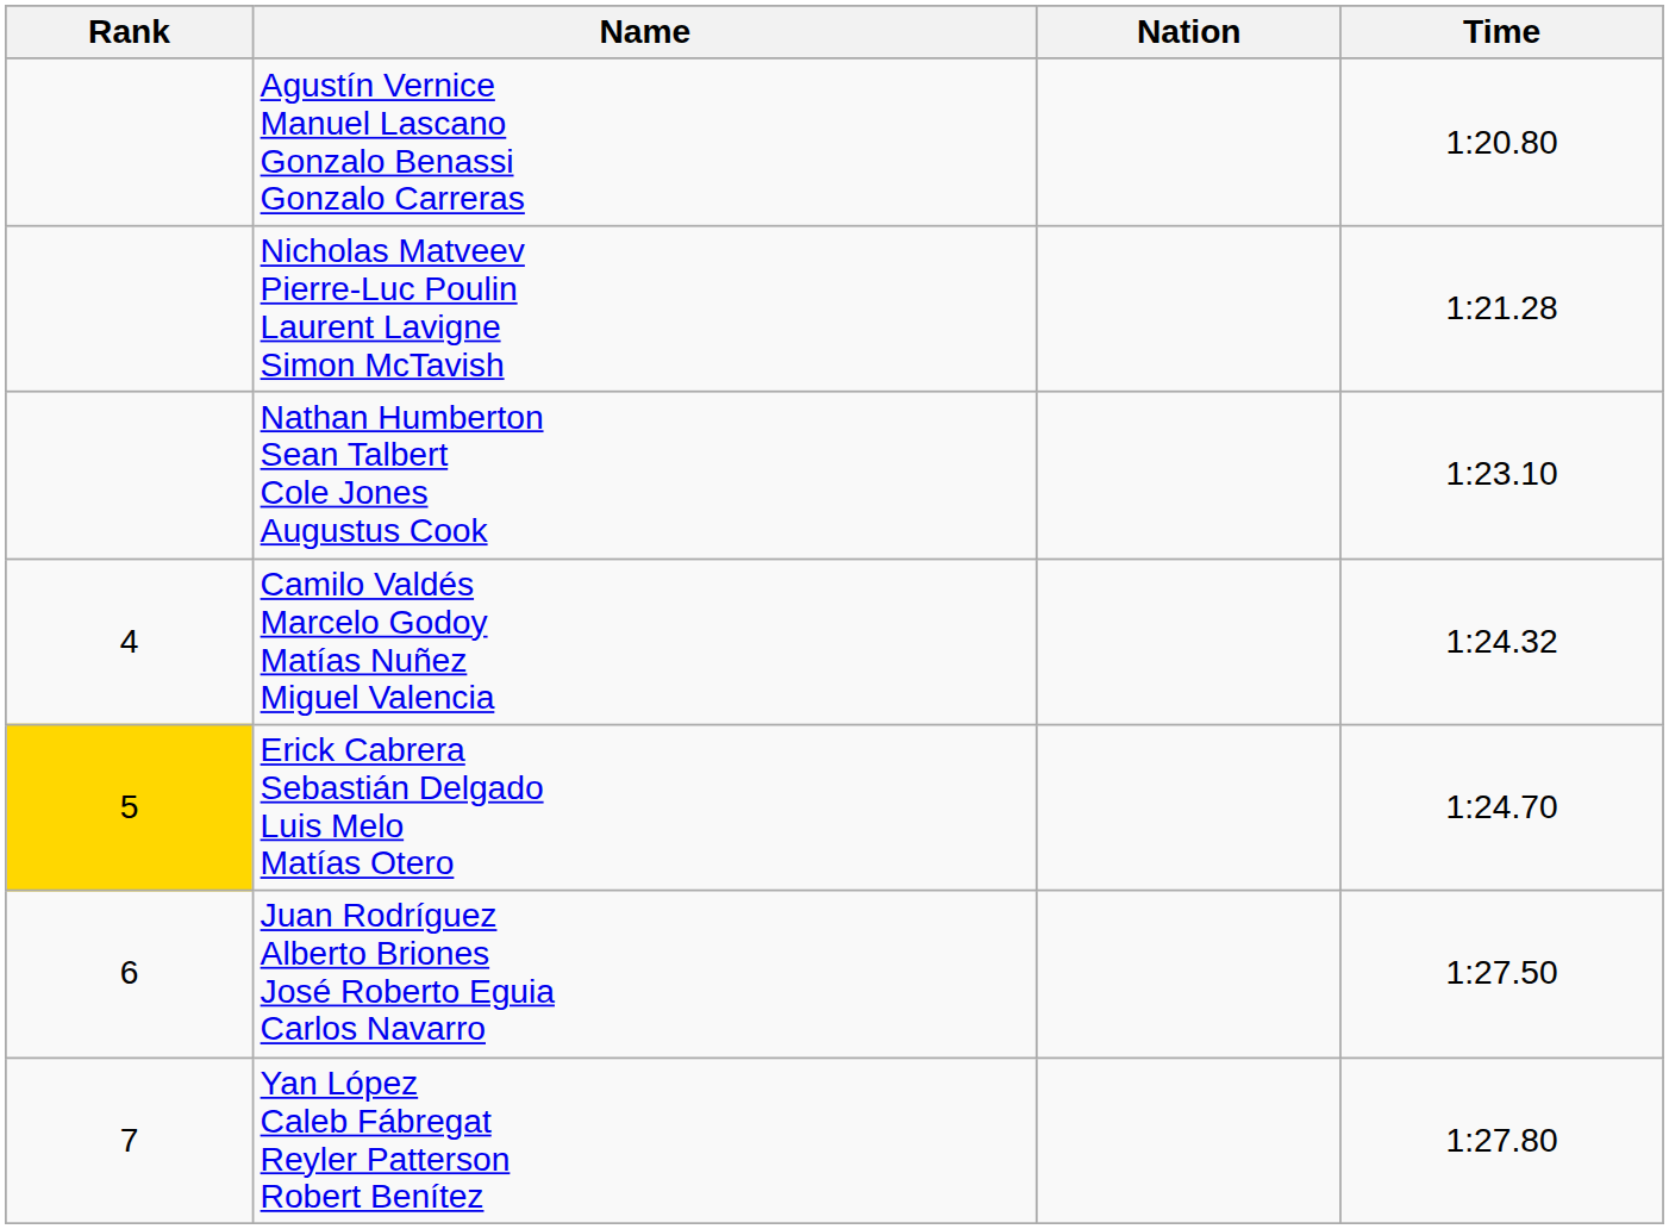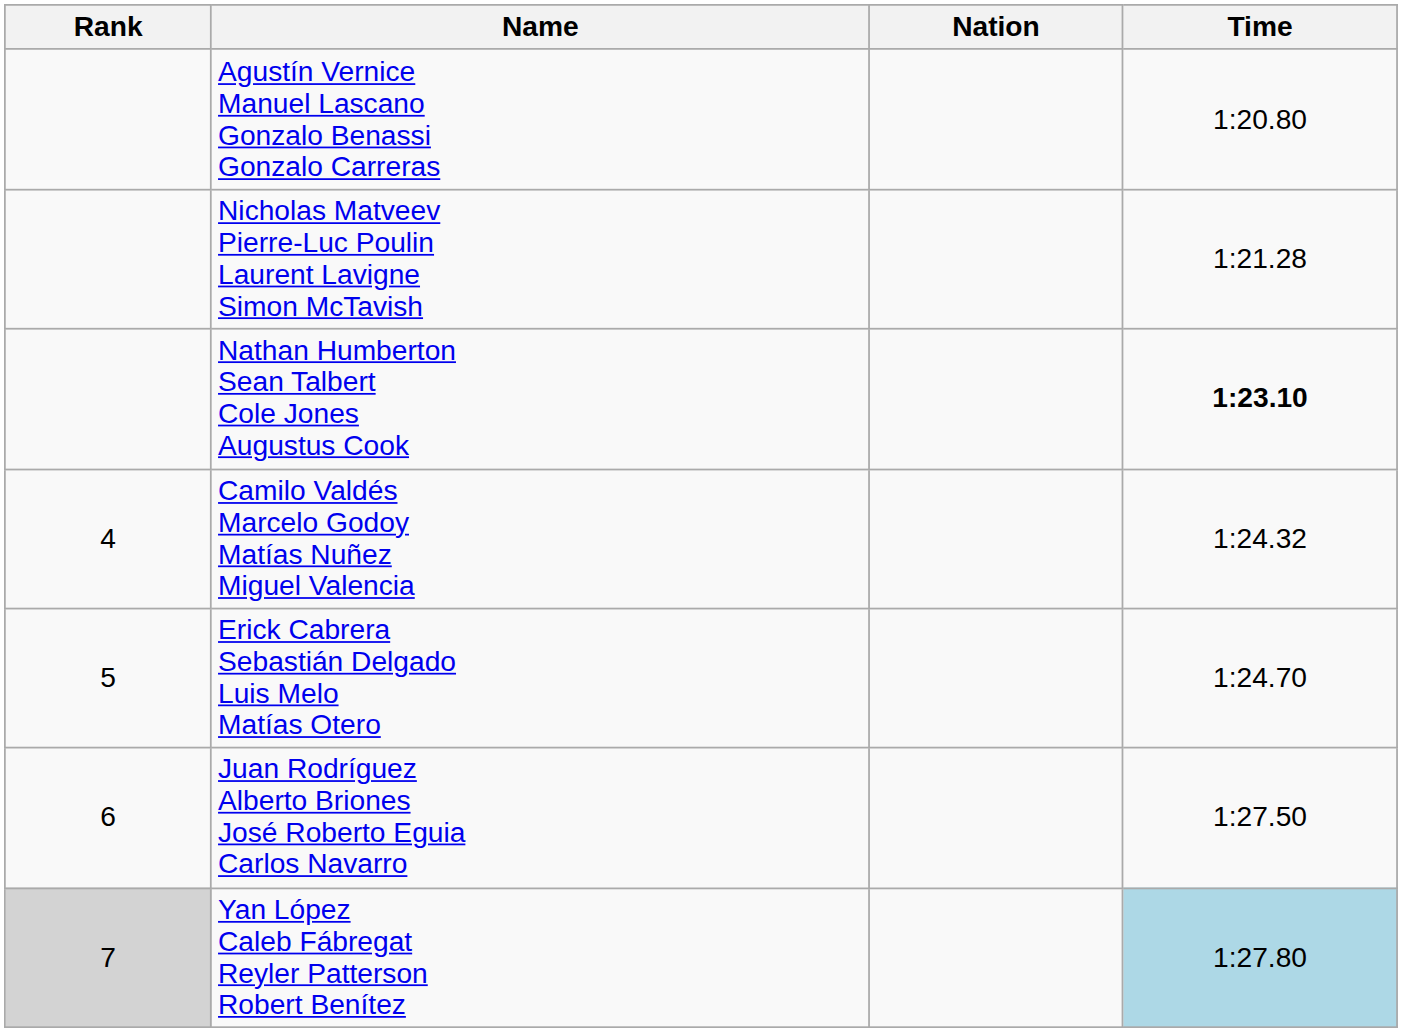 <table class="wikitable sortable" style="text-align:center" width=50%>
 <tr>
 <th>Rank</th>
 <th>Name</th>
 <th>Nation</th>
 <th>Time</th>
 </tr>
 <tr>
 <td></td>
 <td align=left><a href='#'>Agustín Vernice</a><br><a href='#'>Manuel Lascano</a><br><a href='#'>Gonzalo Benassi</a><br><a href='#'>Gonzalo Carreras</a></td>
 <td align=left></td>
 <td>1:20.80</td>
 </tr>
 <tr>
 <td></td>
 <td align=left><a href='#'>Nicholas Matveev</a><br><a href='#'>Pierre-Luc Poulin</a><br><a href='#'>Laurent Lavigne</a><br><a href='#'>Simon McTavish</a></td>
 <td align=left></td>
 <td>1:21.28</td>
 </tr>
 <tr>
 <td></td>
 <td align=left><a href='#'>Nathan Humberton</a><br><a href='#'>Sean Talbert</a><br><a href='#'>Cole Jones</a><br><a href='#'>Augustus Cook</a></td>
 <td align=left></td>
-<td>1:23.10</td>
+<td><strong>1:23.10</strong></td>
 </tr>
 <tr>
 <td>4</td>
 <td align=left><a href='#'>Camilo Valdés</a><br><a href='#'>Marcelo Godoy</a><br><a href='#'>Matías Nuñez</a><br><a href='#'>Miguel Valencia</a></td>
 <td align=left></td>
 <td>1:24.32</td>
 </tr>
 <tr>
-<td style="background: gold;">5</td>
+<td>5</td>
 <td align=left><a href='#'>Erick Cabrera</a><br><a href='#'>Sebastián Delgado</a><br><a href='#'>Luis Melo</a><br><a href='#'>Matías Otero</a></td>
 <td align=left></td>
 <td>1:24.70</td>
 </tr>
 <tr>
 <td>6</td>
 <td align=left><a href='#'>Juan Rodríguez</a><br><a href='#'>Alberto Briones</a><br><a href='#'>José Roberto Eguia</a><br><a href='#'>Carlos Navarro</a></td>
 <td align=left></td>
 <td>1:27.50</td>
 </tr>
 <tr>
-<td>7</td>
+<td style="background: lightgrey;">7</td>
 <td align=left><a href='#'>Yan López</a><br><a href='#'>Caleb Fábregat</a><br><a href='#'>Reyler Patterson</a><br><a href='#'>Robert Benítez</a></td>
 <td align=left></td>
-<td>1:27.80</td>
+<td style="background: lightblue;">1:27.80</td>
 </tr>
 <tr>
 </tr>
 </table>
